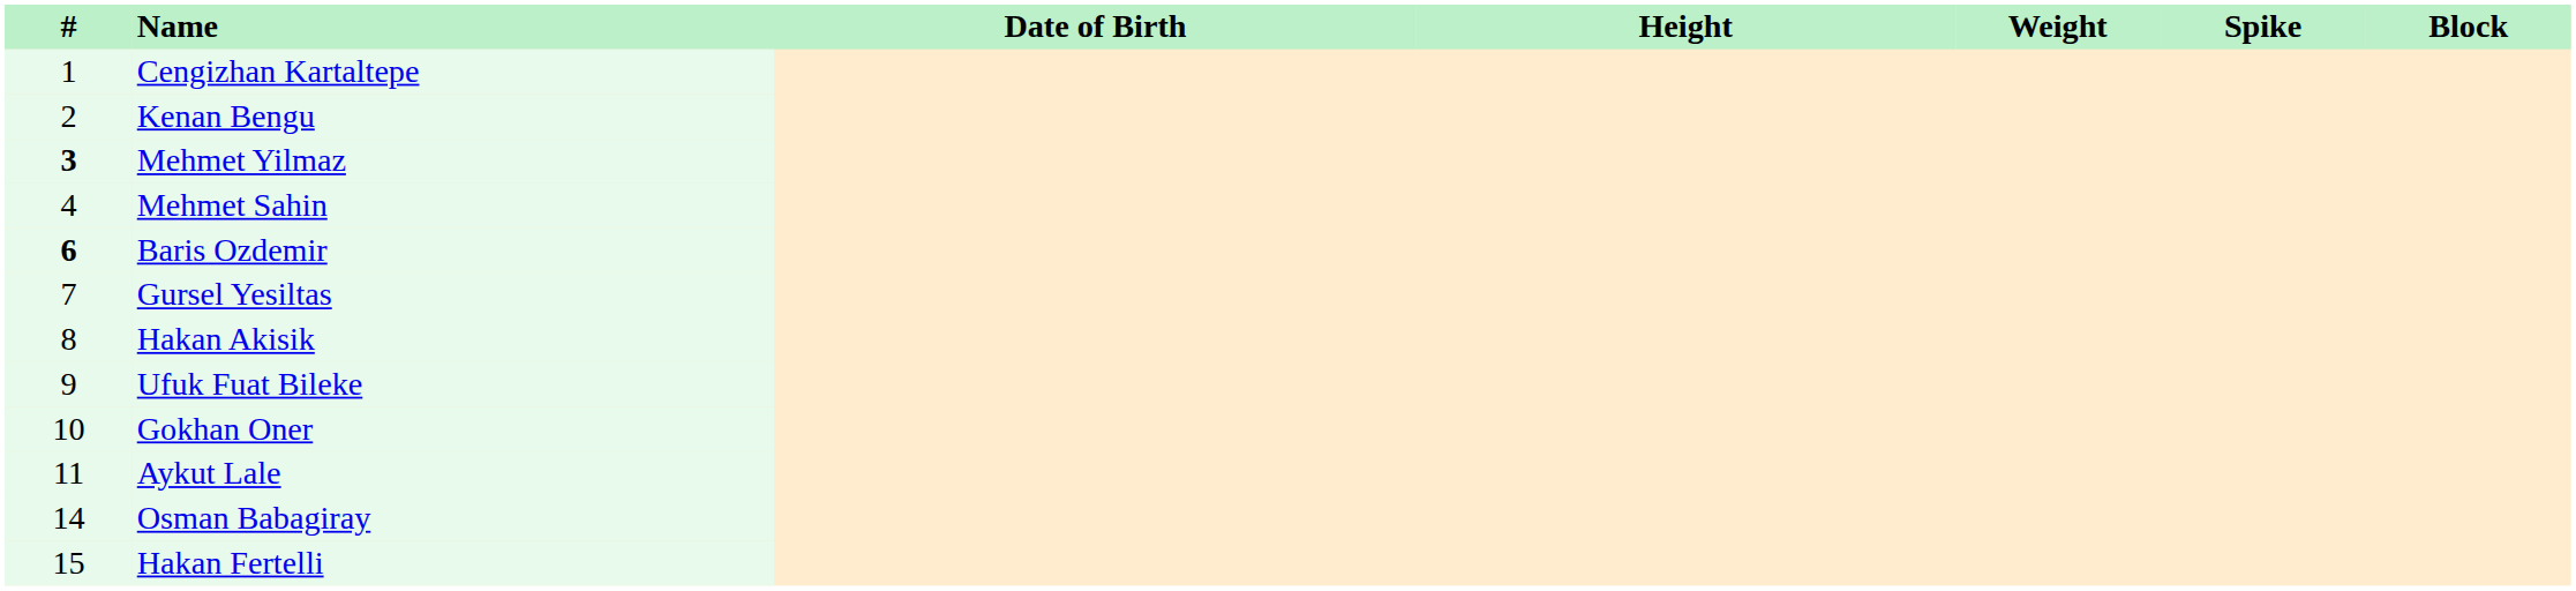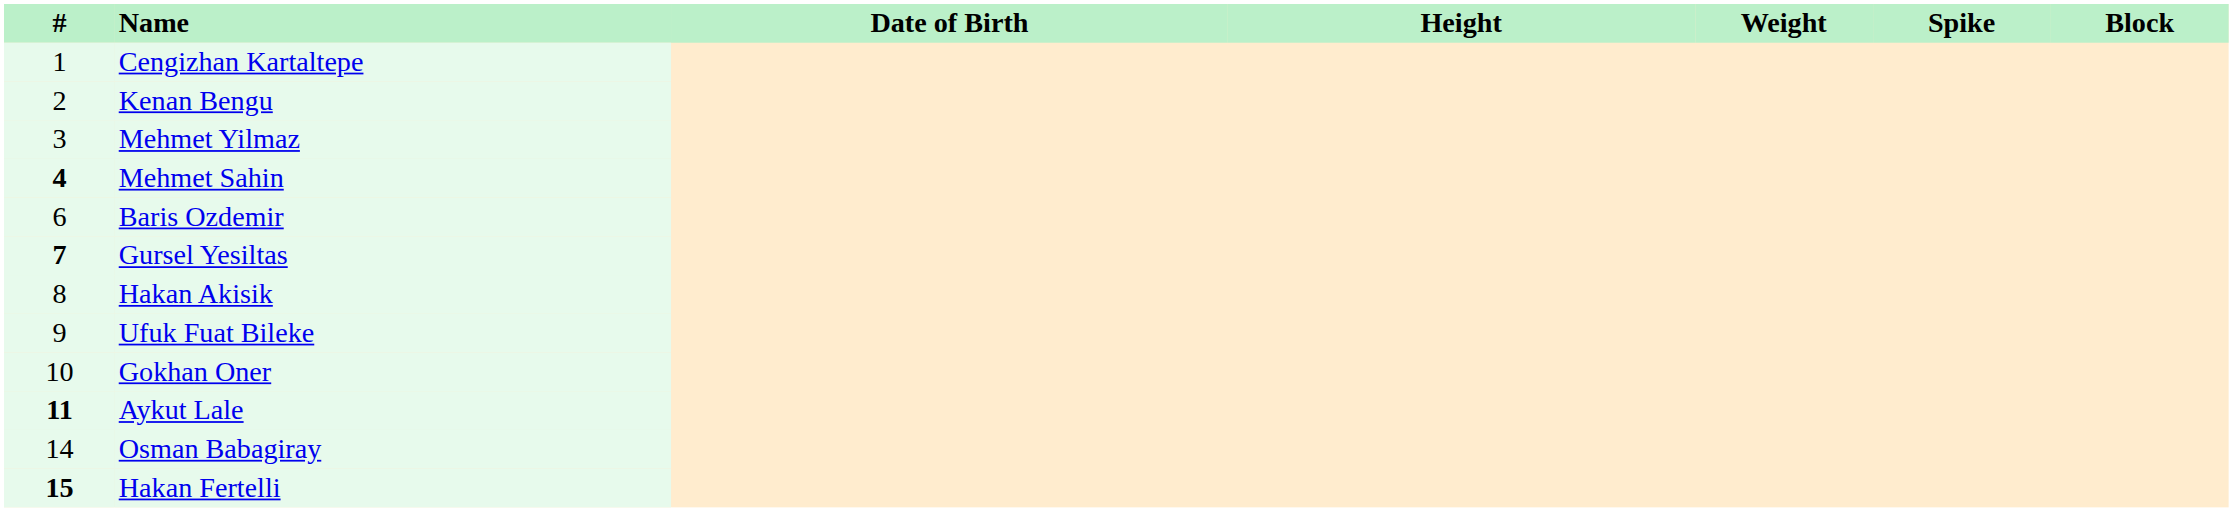 <table border=0 cellpadding=2 cellspacing=0  |- bgcolor=#FFECCE style=text-align:center; font-size:90%; width=100%>
 <tr bgcolor=#BBF0C9>
 <th width=5%>#</th>
 <th width=25% align=left>Name</th>
 <th width=25%>Date of Birth</th>
 <th width=21%>Height</th>
 <th width=8%>Weight</th>
 <th width=8%>Spike</th>
 <th width=8%>Block</th>
 </tr>
 <tr bgcolor=#E7FAEC>
 <td>1</td>
 <td align="left"><a href='#'>Cengizhan Kartaltepe</a></td>
 </tr>
 <tr bgcolor=#E7FAEC>
 <td>2</td>
 <td align="left"><a href='#'>Kenan Bengu</a></td>
 </tr>
 <tr bgcolor=#E7FAEC>
-<td><strong>3</strong></td>
+<td>3</td>
 <td align="left"><a href='#'>Mehmet Yilmaz</a></td>
 </tr>
 <tr bgcolor=#E7FAEC>
-<td>4</td>
+<td><strong>4</strong></td>
 <td align="left"><a href='#'>Mehmet Sahin</a></td>
 </tr>
 <tr bgcolor=#E7FAEC>
-<td><strong>6</strong></td>
+<td>6</td>
 <td align="left"><a href='#'>Baris Ozdemir</a></td>
 </tr>
 <tr bgcolor=#E7FAEC>
-<td>7</td>
+<td><strong>7</strong></td>
 <td align="left"><a href='#'>Gursel Yesiltas</a></td>
 </tr>
 <tr bgcolor=#E7FAEC>
 <td>8</td>
 <td align="left"><a href='#'>Hakan Akisik</a></td>
 </tr>
 <tr bgcolor=#E7FAEC>
 <td>9</td>
 <td align="left"><a href='#'>Ufuk Fuat Bileke</a></td>
 </tr>
 <tr bgcolor=#E7FAEC>
 <td>10</td>
 <td align="left"><a href='#'>Gokhan Oner</a></td>
 </tr>
 <tr bgcolor=#E7FAEC>
-<td>11</td>
+<td><strong>11</strong></td>
 <td align="left"><a href='#'>Aykut Lale</a></td>
 </tr>
 <tr bgcolor=#E7FAEC>
 <td>14</td>
 <td align="left"><a href='#'>Osman Babagiray</a></td>
 </tr>
 <tr bgcolor=#E7FAEC>
-<td>15</td>
+<td><strong>15</strong></td>
 <td align="left"><a href='#'>Hakan Fertelli</a></td>
 </tr>
 </table>
